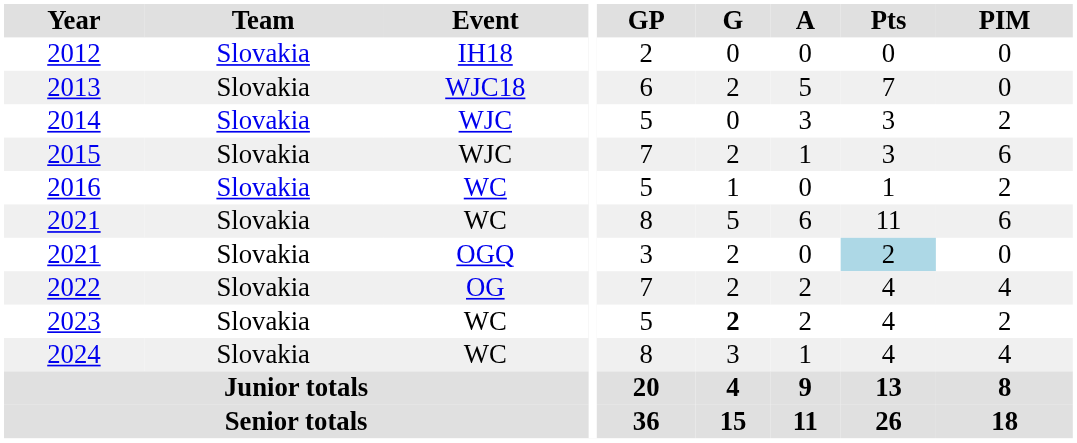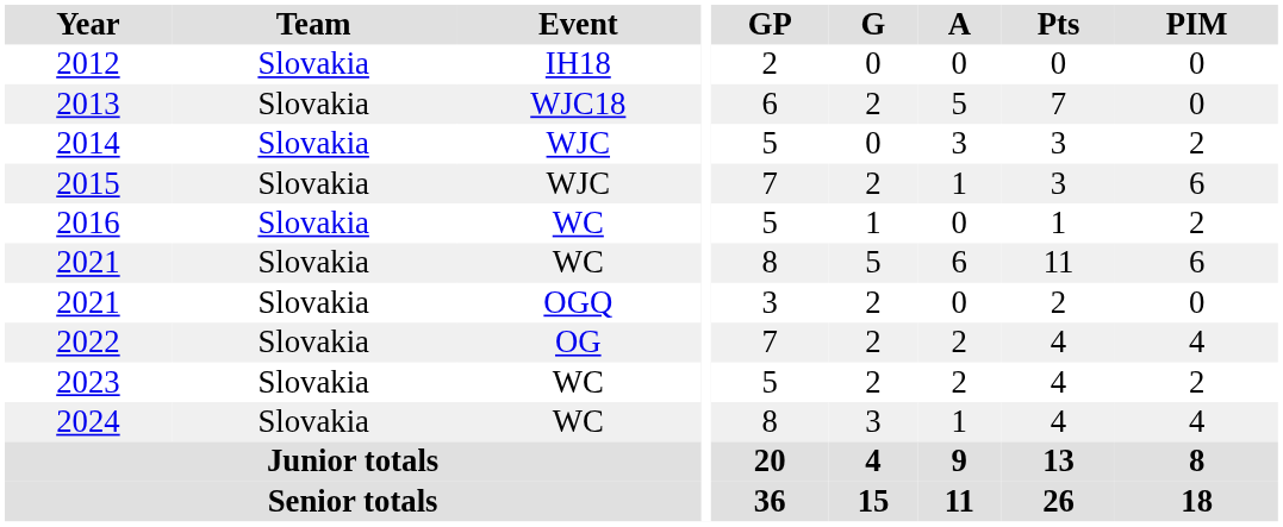 <table border="0" cellpadding="1" cellspacing="0" ID="Table3" style="text-align:center; width:40em">
 <tr bgcolor="#e0e0e0">
 <th>Year</th>
 <th>Team</th>
 <th>Event</th>
 <th rowspan="102" bgcolor="#ffffff"></th>
 <th>GP</th>
 <th>G</th>
 <th>A</th>
 <th>Pts</th>
 <th>PIM</th>
 </tr>
 <tr>
 <td><a href='#'>2012</a></td>
 <td><a href='#'>Slovakia</a></td>
 <td><a href='#'>IH18</a></td>
 <td>2</td>
 <td>0</td>
 <td>0</td>
 <td>0</td>
 <td>0</td>
 </tr>
 <tr bgcolor="#f0f0f0">
 <td><a href='#'>2013</a></td>
 <td>Slovakia</td>
 <td><a href='#'>WJC18</a></td>
 <td>6</td>
 <td>2</td>
 <td>5</td>
 <td>7</td>
 <td>0</td>
 </tr>
 <tr>
 <td><a href='#'>2014</a></td>
 <td><a href='#'>Slovakia</a></td>
 <td><a href='#'>WJC</a></td>
 <td>5</td>
 <td>0</td>
 <td>3</td>
 <td>3</td>
 <td>2</td>
 </tr>
 <tr bgcolor="#f0f0f0">
 <td><a href='#'>2015</a></td>
 <td>Slovakia</td>
 <td>WJC</td>
 <td>7</td>
 <td>2</td>
 <td>1</td>
 <td>3</td>
 <td>6</td>
 </tr>
 <tr>
 <td><a href='#'>2016</a></td>
 <td><a href='#'>Slovakia</a></td>
 <td><a href='#'>WC</a></td>
 <td>5</td>
 <td>1</td>
 <td>0</td>
 <td>1</td>
 <td>2</td>
 </tr>
 <tr bgcolor="#f0f0f0">
 <td><a href='#'>2021</a></td>
 <td>Slovakia</td>
 <td>WC</td>
 <td>8</td>
 <td>5</td>
 <td>6</td>
 <td>11</td>
 <td>6</td>
 </tr>
 <tr>
 <td><a href='#'>2021</a></td>
 <td>Slovakia</td>
 <td><a href='#'>OGQ</a></td>
 <td>3</td>
 <td>2</td>
 <td>0</td>
-<td style="background: lightblue;">2</td>
+<td>2</td>
 <td>0</td>
 </tr>
 <tr bgcolor="#f0f0f0">
 <td><a href='#'>2022</a></td>
 <td>Slovakia</td>
 <td><a href='#'>OG</a></td>
 <td>7</td>
 <td>2</td>
 <td>2</td>
 <td>4</td>
 <td>4</td>
 </tr>
 <tr>
 <td><a href='#'>2023</a></td>
 <td>Slovakia</td>
 <td>WC</td>
 <td>5</td>
-<td><strong>2</strong></td>
+<td>2</td>
 <td>2</td>
 <td>4</td>
 <td>2</td>
 </tr>
 <tr bgcolor="#f0f0f0">
 <td><a href='#'>2024</a></td>
 <td>Slovakia</td>
 <td>WC</td>
 <td>8</td>
 <td>3</td>
 <td>1</td>
 <td>4</td>
 <td>4</td>
 </tr>
 <tr bgcolor="#e0e0e0">
 <th colspan="3">Junior totals</th>
 <th>20</th>
 <th>4</th>
 <th>9</th>
 <th>13</th>
 <th>8</th>
 </tr>
 <tr bgcolor="#e0e0e0">
 <th colspan="3">Senior totals</th>
 <th>36</th>
 <th>15</th>
 <th>11</th>
 <th>26</th>
 <th>18</th>
 </tr>
 </table>
